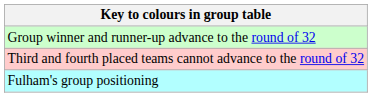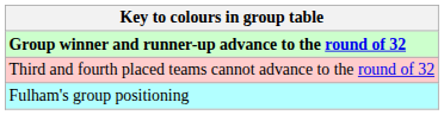 <table class="wikitable">
 <tr>
 <th>Key to colours in group table</th>
 </tr>
 <tr bgcolor="#ccffcc">
-<td>Group winner and runner-up advance to the <a href='#'>round of 32</a></td>
+<td><strong>Group winner and runner-up advance to the <a href='#'>round of 32</a></strong></td>
 </tr>
 <tr bgcolor="#ffcccc">
 <td>Third and fourth placed teams cannot advance to the <a href='#'>round of 32</a></td>
 </tr>
 <tr bgcolor="#b2ffff">
 <td>Fulham's group positioning</td>
 </tr>
 </table>
